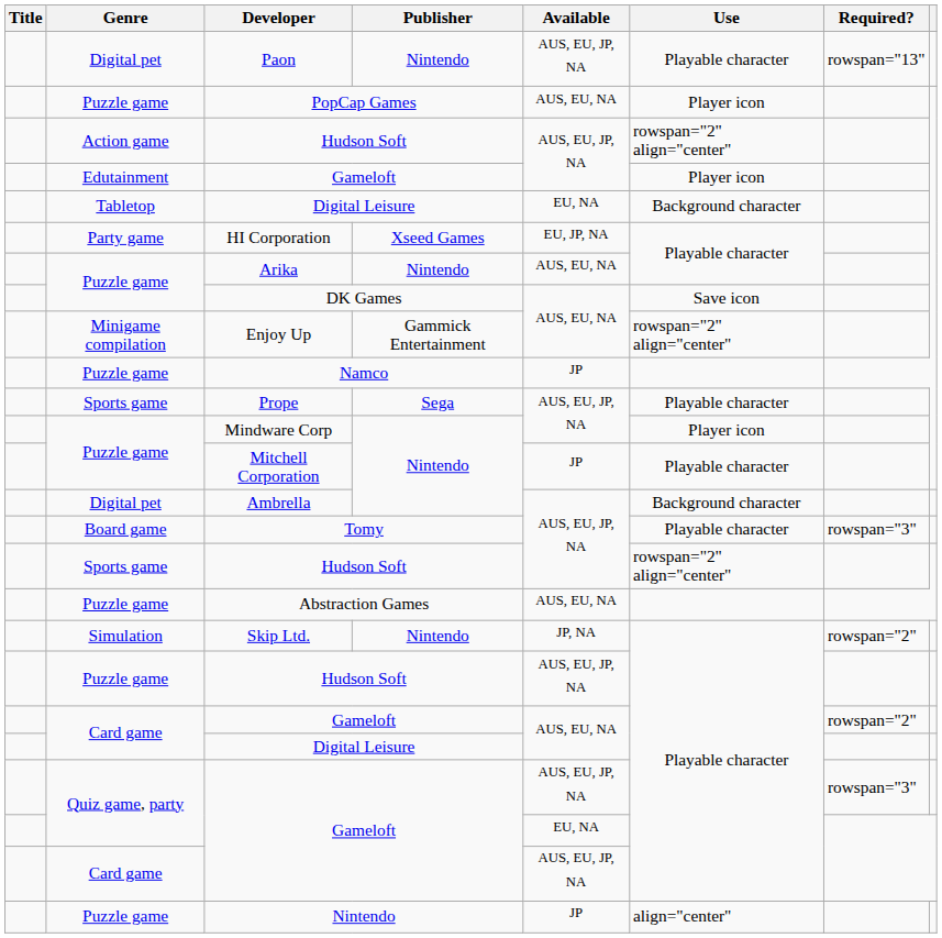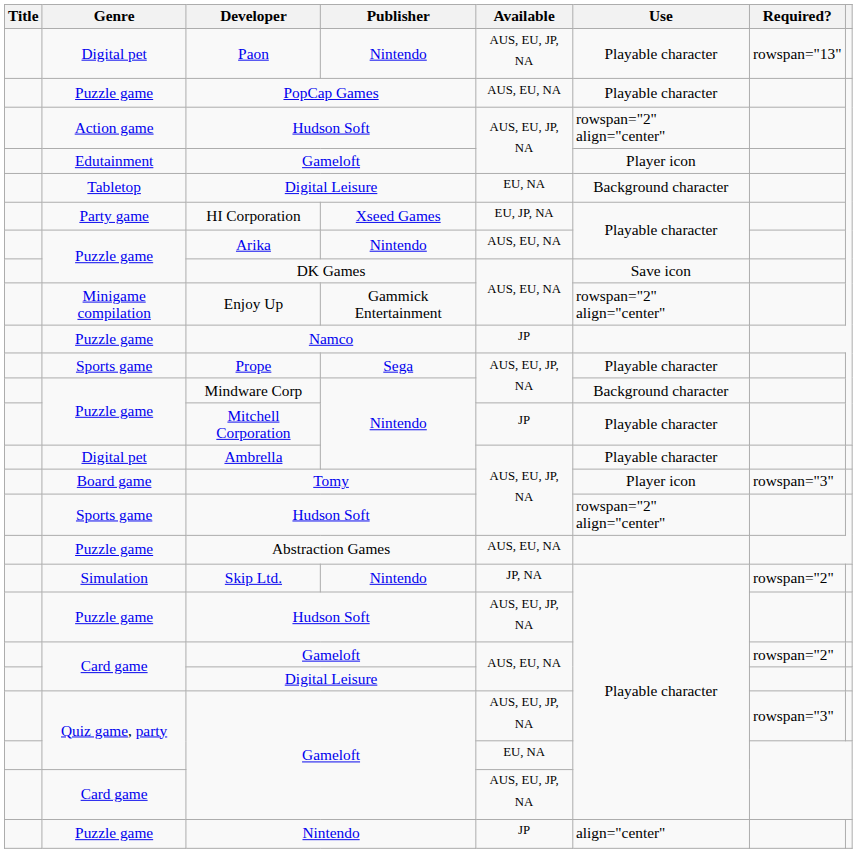 <table class="wikitable sortable" style="width:100%" id="wiiwarelist">
 <tr>
 <th>Title</th>
 <th>Genre</th>
 <th>Developer</th>
 <th>Publisher</th>
 <th>Available</th>
 <th>Use</th>
 <th>Required?</th>
 <th></th>
 </tr>
 <tr>
 <td></td>
 <td align="center"><a href='#'>Digital pet</a></td>
 <td align="center"><a href='#'>Paon</a></td>
 <td align="center"><a href='#'>Nintendo</a></td>
 <td align="center"><sup>AUS, EU, JP, NA</sup></td>
 <td align="center">Playable character</td>
 <td>rowspan="13" </td>
 <td></td>
 </tr>
 <tr>
 <td></td>
 <td align="center"><a href='#'>Puzzle game</a></td>
 <td colspan="2" align="center"><a href='#'>PopCap Games</a></td>
 <td align="center"><sup>AUS, EU, NA</sup></td>
-<td align="center">Player icon</td>
+<td align=center>Playable character</td>
 <td></td>
 </tr>
 <tr>
 <td></td>
 <td align=center><a href='#'>Action game</a></td>
 <td colspan="2" align="center"><a href='#'>Hudson Soft</a></td>
 <td rowspan="2" align="center"><sup>AUS, EU, JP, NA</sup></td>
 <td>rowspan="2" align="center" </td>
 <td align=center></td>
 </tr>
 <tr>
 <td></td>
 <td align=center><a href='#'>Edutainment</a></td>
 <td colspan="2" align="center"><a href='#'>Gameloft</a></td>
 <td align=center>Player icon</td>
 <td align=center></td>
 </tr>
 <tr>
 <td></td>
 <td align="center"><a href='#'>Tabletop</a></td>
 <td colspan="2" align="center"><a href='#'>Digital Leisure</a></td>
 <td align="center"><sup>EU, NA</sup></td>
 <td align="center">Background character</td>
 <td></td>
 </tr>
 <tr>
 <td></td>
 <td rowspan="1" align="center"><a href='#'>Party game</a></td>
 <td align=center>HI Corporation</td>
 <td align=center><a href='#'>Xseed Games</a></td>
 <td align=center><sup>EU, JP, NA</sup></td>
 <td rowspan="2" align="center">Playable character</td>
 <td align=center></td>
 </tr>
 <tr>
 <td></td>
 <td rowspan="2" align="center"><a href='#'>Puzzle game</a></td>
 <td align=center><a href='#'>Arika</a></td>
 <td align=center><a href='#'>Nintendo</a></td>
 <td align=center><sup>AUS, EU, NA</sup></td>
 <td align=center></td>
 </tr>
 <tr>
 <td></td>
 <td colspan="2" align="center">DK Games</td>
 <td rowspan="2" align="center"><sup>AUS, EU, NA</sup></td>
 <td align=center>Save icon</td>
 <td align=center></td>
 </tr>
 <tr>
 <td></td>
 <td align=center><a href='#'>Minigame compilation</a></td>
 <td align=center>Enjoy Up</td>
 <td align=center>Gammick Entertainment</td>
 <td>rowspan="2" align="center" </td>
 <td align=center></td>
 </tr>
 <tr>
 <td></td>
 <td align=center><a href='#'>Puzzle game</a></td>
 <td colspan="2" align="center"><a href='#'>Namco</a></td>
 <td align=center><sup>JP</sup></td>
 <td align=center></td>
 </tr>
 <tr>
 <td></td>
 <td align=center><a href='#'>Sports game</a></td>
 <td align=center><a href='#'>Prope</a></td>
 <td align=center><a href='#'>Sega</a></td>
 <td rowspan="2" align="center"><sup>AUS, EU, JP, NA</sup></td>
 <td align=center>Playable character</td>
 <td align=center></td>
 </tr>
 <tr>
 <td></td>
 <td rowspan="2" align="center"><a href='#'>Puzzle game</a></td>
 <td align=center>Mindware Corp</td>
 <td rowspan="3" align="center"><a href='#'>Nintendo</a></td>
-<td align=center>Player icon</td>
+<td align="center">Background character</td>
 <td align=center></td>
 </tr>
 <tr>
 <td></td>
 <td align=center><a href='#'>Mitchell Corporation</a></td>
 <td align=center><sup>JP</sup></td>
 <td align=center>Playable character</td>
 <td align=center></td>
 </tr>
 <tr>
 <td></td>
 <td align=center><a href='#'>Digital pet</a></td>
 <td align=center><a href='#'>Ambrella</a></td>
 <td rowspan="3" align="center"><sup>AUS, EU, JP, NA</sup></td>
-<td align=center>Background character</td>
+<td align="center">Playable character</td>
 <td></td>
 <td align=center></td>
 </tr>
 <tr>
 <td></td>
 <td align=center><a href='#'>Board game</a></td>
 <td colspan="2" align="center"><a href='#'>Tomy</a></td>
-<td align=center>Playable character</td>
+<td align="center">Player icon</td>
 <td>rowspan="3"  </td>
 <td align=center></td>
 </tr>
 <tr>
 <td></td>
 <td align=center><a href='#'>Sports game</a></td>
 <td colspan="2" align="center"><a href='#'>Hudson Soft</a></td>
 <td>rowspan="2" align="center" </td>
 <td align=center></td>
 </tr>
 <tr>
 <td></td>
 <td rowspan="1" align="center"><a href='#'>Puzzle game</a></td>
 <td colspan="2" align="center">Abstraction Games</td>
 <td align=center><sup>AUS, EU, NA</sup></td>
 <td align=center></td>
 </tr>
 <tr>
 <td></td>
 <td align=center><a href='#'>Simulation</a></td>
 <td colspan="1" align="center"><a href='#'>Skip Ltd.</a></td>
 <td colspan="1" align="center"><a href='#'>Nintendo</a></td>
 <td rowspan="1" align="center"><sup>JP, NA</sup></td>
 <td rowspan="7" align="center">Playable character</td>
 <td>rowspan="2" </td>
 <td rowspan="1" align=center></td>
 </tr>
 <tr>
 <td></td>
 <td rowspan="1" align="center"><a href='#'>Puzzle game</a></td>
 <td colspan="2" align="center"><a href='#'>Hudson Soft</a></td>
 <td align=center><sup>AUS, EU, JP, NA</sup></td>
 <td align=center></td>
 </tr>
 <tr>
 <td></td>
 <td rowspan="2" align="center"><a href='#'>Card game</a></td>
 <td colspan="2" align="center"><a href='#'>Gameloft</a></td>
 <td rowspan="2" align="center"><sup>AUS, EU, NA</sup></td>
 <td>rowspan="2" </td>
 <td align=center></td>
 </tr>
 <tr>
 <td></td>
 <td colspan="2" align="center"><a href='#'>Digital Leisure</a></td>
 <td align=center></td>
 </tr>
 <tr>
 <td></td>
 <td rowspan="2" align=center><a href='#'>Quiz game</a>, <a href='#'>party</a></td>
 <td rowspan="3" colspan="2" align=center><a href='#'>Gameloft</a></td>
 <td align=center><sup>AUS, EU, JP, NA</sup></td>
 <td>rowspan="3" </td>
 <td align=center></td>
 </tr>
 <tr>
 <td></td>
 <td align=center><sup>EU, NA</sup></td>
 </tr>
 <tr>
 <td></td>
 <td align=center><a href='#'>Card game</a></td>
 <td align=center><sup>AUS, EU, JP, NA</sup></td>
 </tr>
 <tr>
 <td></td>
 <td align=center><a href='#'>Puzzle game</a></td>
 <td colspan="2" align="center"><a href='#'>Nintendo</a></td>
 <td align=center><sup>JP</sup></td>
 <td>align="center" </td>
 <td></td>
 <td align=center></td>
 </tr>
 </table>
